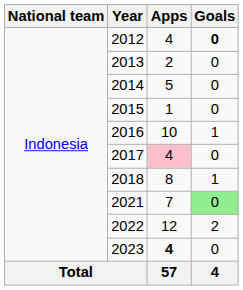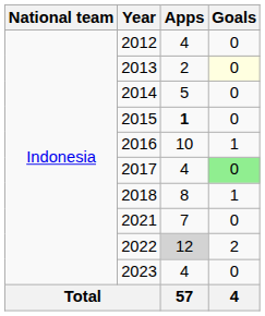 <table class="wikitable" style="text-align:center">
 <tr>
 <th>National team</th>
 <th>Year</th>
 <th>Apps</th>
 <th>Goals</th>
 </tr>
 <tr>
 <td rowspan=10><a href='#'>Indonesia</a></td>
 <td>2012</td>
 <td>4</td>
-<td><strong>0</strong></td>
+<td>0</td>
 </tr>
 <tr>
 <td>2013</td>
 <td>2</td>
-<td>0</td>
+<td style="background: lightyellow;">0</td>
 </tr>
 <tr>
 <td>2014</td>
 <td>5</td>
 <td>0</td>
 </tr>
 <tr>
 <td>2015</td>
-<td>1</td>
+<td><strong>1</strong></td>
 <td>0</td>
 </tr>
 <tr>
 <td>2016</td>
 <td>10</td>
 <td>1</td>
 </tr>
 <tr>
 <td>2017</td>
-<td style="background: pink;">4</td>
-<td>0</td>
+<td>4</td>
+<td style="background: lightgreen;">0</td>
 </tr>
 <tr>
 <td>2018</td>
 <td>8</td>
 <td>1</td>
 </tr>
 <tr>
 <td>2021</td>
 <td>7</td>
-<td style="background: lightgreen;">0</td>
+<td>0</td>
 </tr>
 <tr>
 <td>2022</td>
-<td>12</td>
+<td style="background: lightgrey;">12</td>
 <td>2</td>
 </tr>
 <tr>
 <td>2023</td>
-<td><strong>4</strong></td>
+<td>4</td>
 <td>0</td>
 </tr>
 <tr>
 <th colspan=2>Total</th>
 <th>57</th>
 <th>4</th>
 </tr>
 </table>
